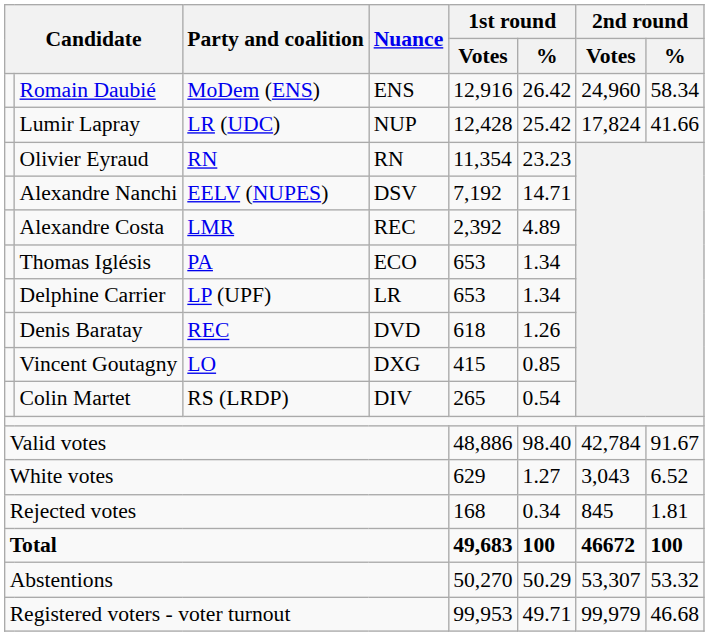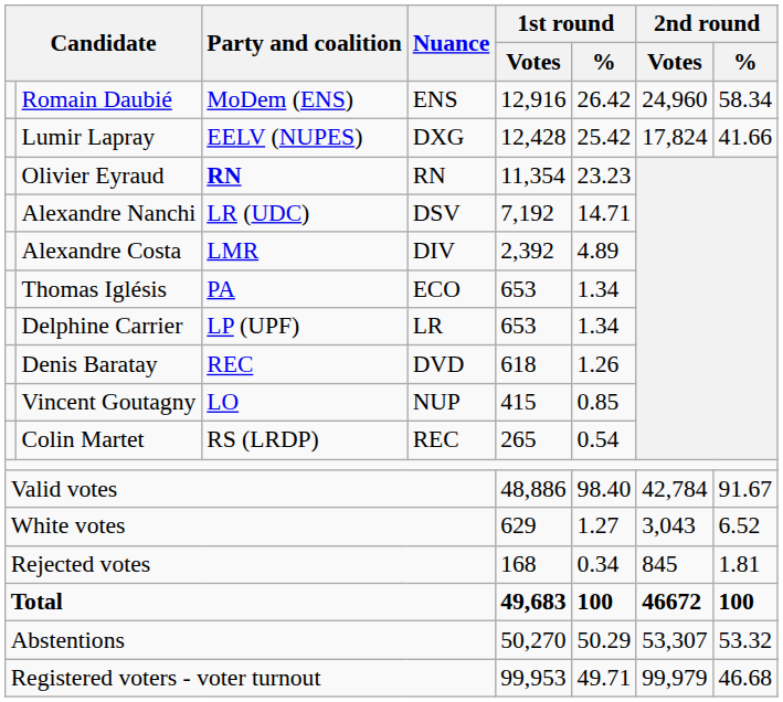 <table class="wikitable">
 <tr>
 <th colspan="2" rowspan="2">Candidate</th>
 <th rowspan="2">Party and coalition</th>
 <th rowspan="2"><a href='#'>Nuance</a></th>
 <th colspan="2">1st round</th>
 <th colspan="2">2nd round</th>
 </tr>
 <tr>
 <th>Votes</th>
 <th>%</th>
 <th>Votes</th>
 <th>%</th>
 </tr>
 <tr>
 <td style="background:"></td>
 <td><a href='#'>Romain Daubié</a></td>
 <td><a href='#'>MoDem</a> (<a href='#'>ENS</a>)</td>
 <td><abbr>ENS</abbr></td>
 <td>12,916</td>
 <td>26.42</td>
 <td>24,960</td>
 <td>58.34</td>
 </tr>
 <tr>
 <td style="background:"></td>
 <td>Lumir Lapray</td>
-<td><a href='#'>LR</a> (<a href='#'>UDC</a>)</td>
-<td><abbr>NUP</abbr></td>
+<td><a href='#'>EELV</a> (<a href='#'>NUPES</a>)</td>
+<td><abbr>DXG</abbr></td>
 <td>12,428</td>
 <td>25.42</td>
 <td>17,824</td>
 <td>41.66</td>
 </tr>
 <tr>
 <td style="background:"></td>
 <td>Olivier Eyraud</td>
-<td><a href='#'>RN</a></td>
+<td><strong><a href='#'>RN</a></strong></td>
 <td><abbr>RN</abbr></td>
 <td>11,354</td>
 <td>23.23</td>
 <th colspan="2" rowspan="8"></th>
 </tr>
 <tr>
 <td style="background:"></td>
 <td>Alexandre Nanchi</td>
-<td><a href='#'>EELV</a> (<a href='#'>NUPES</a>)</td>
+<td><a href='#'>LR</a> (<a href='#'>UDC</a>)</td>
 <td><abbr>DSV</abbr></td>
 <td>7,192</td>
 <td>14.71</td>
 </tr>
 <tr>
 <td style="background:"></td>
 <td>Alexandre Costa</td>
 <td><a href='#'>LMR</a></td>
-<td><abbr>REC</abbr></td>
+<td><abbr>DIV</abbr></td>
 <td>2,392</td>
 <td>4.89</td>
 </tr>
 <tr>
 <td style="background:"></td>
 <td>Thomas Iglésis</td>
 <td><a href='#'>PA</a></td>
 <td><abbr>ECO</abbr></td>
 <td>653</td>
 <td>1.34</td>
 </tr>
 <tr>
 <td style="background:"></td>
 <td>Delphine Carrier</td>
 <td><a href='#'>LP</a> (<abbr>UPF</abbr>)</td>
 <td><abbr>LR</abbr></td>
 <td>653</td>
 <td>1.34</td>
 </tr>
 <tr>
 <td style="background:"></td>
 <td>Denis Baratay</td>
 <td><a href='#'>REC</a></td>
 <td><abbr>DVD</abbr></td>
 <td>618</td>
 <td>1.26</td>
 </tr>
 <tr>
 <td style="background:"></td>
 <td>Vincent Goutagny</td>
 <td><a href='#'>LO</a></td>
-<td><abbr>DXG</abbr></td>
+<td><abbr>NUP</abbr></td>
 <td>415</td>
 <td>0.85</td>
 </tr>
 <tr>
 <td style="background:"></td>
 <td>Colin Martet</td>
 <td>RS (<abbr>LRDP</abbr>)</td>
-<td><abbr>DIV</abbr></td>
+<td><abbr>REC</abbr></td>
 <td>265</td>
 <td>0.54</td>
 </tr>
 <tr>
 <td colspan="8"></td>
 </tr>
 <tr>
 <td colspan="4">Valid votes</td>
 <td>48,886</td>
 <td>98.40</td>
 <td>42,784</td>
 <td>91.67</td>
 </tr>
 <tr>
 <td colspan="4">White votes</td>
 <td>629</td>
 <td>1.27</td>
 <td>3,043</td>
 <td>6.52</td>
 </tr>
 <tr>
 <td colspan="4">Rejected votes</td>
 <td>168</td>
 <td>0.34</td>
 <td>845</td>
 <td>1.81</td>
 </tr>
 <tr>
 <td colspan="4"><strong>Total</strong></td>
 <td><strong>49,683</strong></td>
 <td><strong>100</strong></td>
 <td><strong>46672</strong></td>
 <td><strong>100</strong></td>
 </tr>
 <tr>
 <td colspan="4">Abstentions</td>
 <td>50,270</td>
 <td>50.29</td>
 <td>53,307</td>
 <td>53.32</td>
 </tr>
 <tr>
 <td colspan="4">Registered voters - voter turnout</td>
 <td>99,953</td>
 <td>49.71</td>
 <td>99,979</td>
 <td>46.68</td>
 </tr>
 </table>
